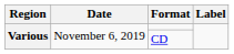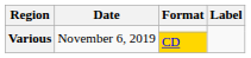 <table class="wikitable plainrowheaders">
 <tr>
 <th>Region</th>
 <th>Date</th>
 <th>Format</th>
 <th>Label</th>
 </tr>
 <tr>
 <th scope="row" rowspan="2">Various</th>
 <td rowspan="2">November 6, 2019</td>
 <td></td>
 <td rowspan="2"></td>
 </tr>
 <tr>
-<td><a href='#'>CD</a></td>
+<td style="background: gold;"><a href='#'>CD</a></td>
 </tr>
 </table>
